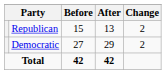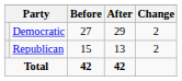 <table class="wikitable" style="text-align:center;">
 <tr>
 </tr>
 <tr>
 <th colspan=2>Party</th>
 <th>Before</th>
 <th>After</th>
 <th>Change</th>
 </tr>
 <tr>
 <th style="background-color:"></th>
-<td style="text-align:left;"><a href='#'>Republican</a></td>
-<td>15</td>
-<td>13</td>
+<td style="text-align:left;"><a href='#'>Democratic</a></td>
+<td>27</td>
+<td>29</td>
 <td> 2</td>
 </tr>
 <tr>
 <th style="background-color:"></th>
-<td style="text-align:left;"><a href='#'>Democratic</a></td>
-<td>27</td>
-<td>29</td>
+<td style="text-align:left;"><a href='#'>Republican</a></td>
+<td>15</td>
+<td>13</td>
 <td> 2</td>
 </tr>
 <tr>
 <td colspan=2><strong>Total</strong></td>
 <td><strong>42</strong></td>
 <td><strong>42</strong></td>
 <td></td>
 </tr>
 </table>
